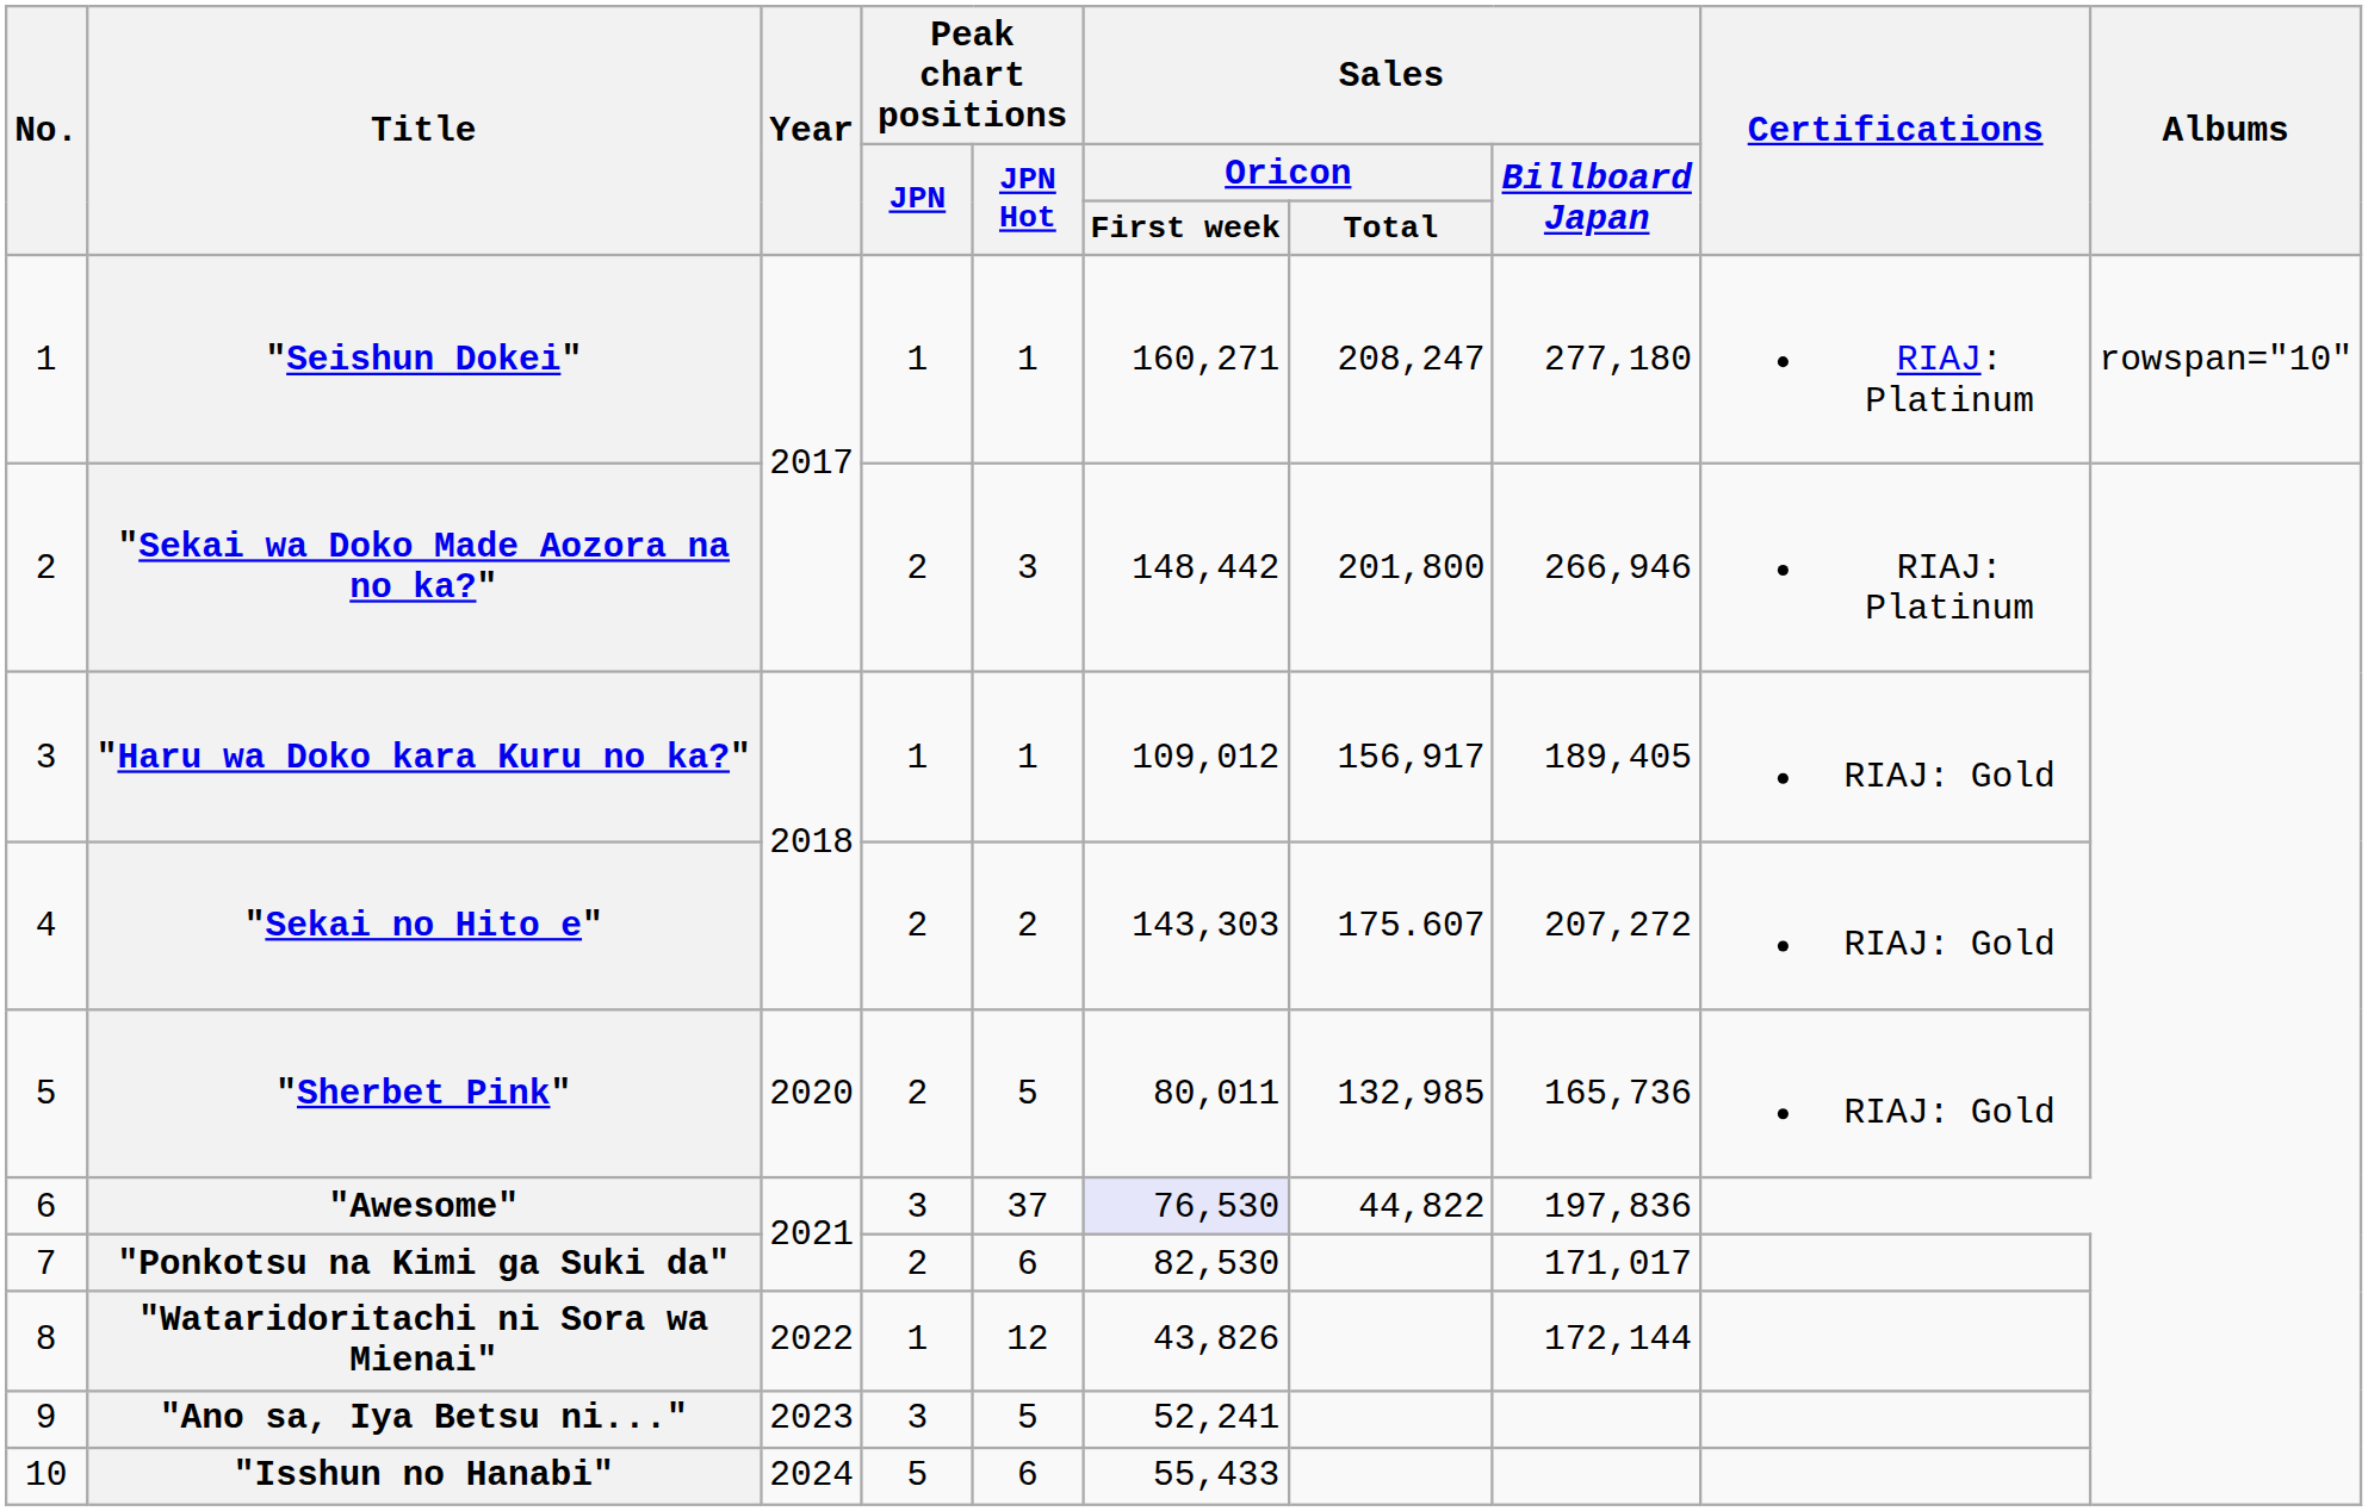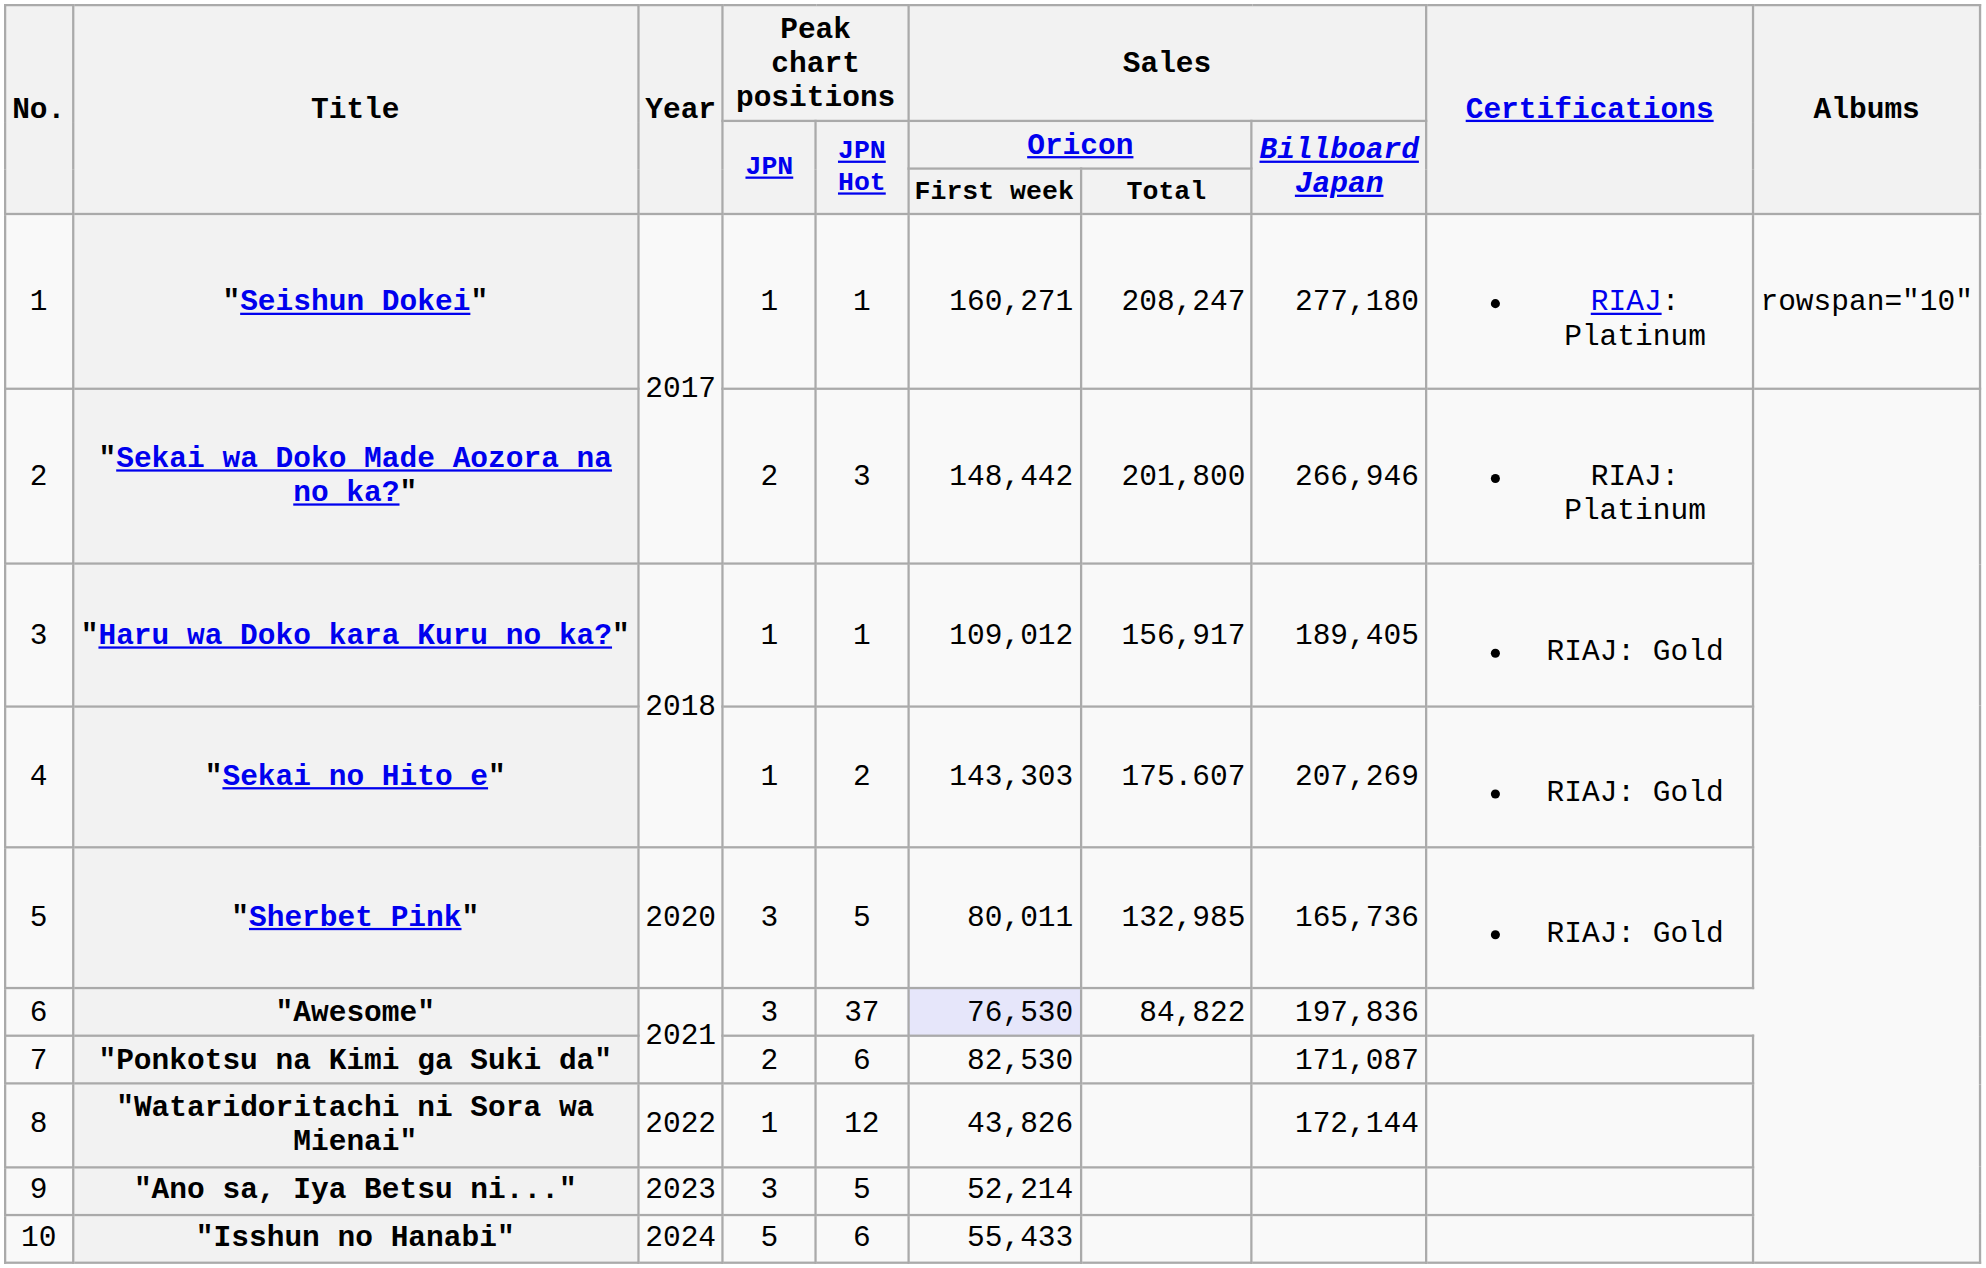 <table class="wikitable plainrowheaders" style="text-align:center;">
 <tr>
 <th scope="col" rowspan="3">No.</th>
 <th scope="col" rowspan="3">Title</th>
 <th scope="col" rowspan="3">Year</th>
 <th scope="col" colspan="2">Peak chart positions</th>
 <th scope="col" colspan="3">Sales</th>
 <th scope="col" rowspan="3"><a href='#'>Certifications</a></th>
 <th scope="col" rowspan="3">Albums</th>
 </tr>
 <tr>
 <th scope="col" rowspan="2" style="width:3em;font-size:90%;"><a href='#'>JPN</a><br></th>
 <th scope="col" rowspan="2" style="width:3em;font-size:90%;"><a href='#'>JPN<br>Hot</a><br></th>
 <th colspan="2"><a href='#'>Oricon</a></th>
 <th rowspan="2"><em><a href='#'>Billboard<br>Japan</a></em></th>
 </tr>
 <tr>
 <th style="width:6em;font-size:90%;">First week</th>
 <th style="width:6em;font-size:90%;">Total</th>
 </tr>
 <tr>
 <td>1</td>
 <th scope="row">"<a href='#'>Seishun Dokei</a>" </th>
 <td rowspan="2">2017</td>
 <td>1</td>
 <td>1</td>
 <td align="right">160,271</td>
 <td align="right">208,247</td>
 <td align="right">277,180</td>
 <td><br><ul><li><a href='#'>RIAJ</a>: Platinum</li></ul></td>
 <td>rowspan="10" </td>
 </tr>
 <tr>
 <td>2</td>
 <th scope="row">"<a href='#'>Sekai wa Doko Made Aozora na no ka?</a>" </th>
 <td>2</td>
 <td>3</td>
 <td align="right">148,442</td>
 <td align="right">201,800</td>
 <td align="right">266,946</td>
 <td><br><ul><li>RIAJ: Platinum</li></ul></td>
 </tr>
 <tr>
 <td>3</td>
 <th scope="row">"<a href='#'>Haru wa Doko kara Kuru no ka?</a>" </th>
 <td rowspan="2">2018</td>
 <td>1</td>
 <td>1</td>
 <td align="right">109,012</td>
 <td align="right">156,917</td>
 <td align="right">189,405</td>
 <td><br><ul><li>RIAJ: Gold</li></ul></td>
 </tr>
 <tr>
 <td>4</td>
 <th scope="row">"<a href='#'>Sekai no Hito e</a>" </th>
-<td>2</td>
+<td>1</td>
 <td>2</td>
 <td align="right">143,303</td>
 <td align="right">175.607</td>
-<td align="right">207,272</td>
+<td align="right">207,269</td>
 <td><br><ul><li>RIAJ: Gold</li></ul></td>
 </tr>
 <tr>
 <td>5</td>
 <th scope="row">"<a href='#'>Sherbet Pink</a>" </th>
 <td>2020</td>
-<td>2</td>
+<td>3</td>
 <td>5</td>
 <td align="right">80,011</td>
 <td align="right">132,985</td>
 <td align="right">165,736</td>
 <td><br><ul><li>RIAJ: Gold</li></ul></td>
 </tr>
 <tr>
 <td>6</td>
 <th scope="row">"Awesome"</th>
 <td rowspan="2">2021</td>
 <td>3</td>
 <td>37</td>
 <td align="right" style="background: lavender;">76,530</td>
-<td align="right">44,822</td>
+<td align="right">84,822</td>
 <td align="right">197,836</td>
 </tr>
 <tr>
 <td>7</td>
 <th scope="row">"Ponkotsu na Kimi ga Suki da" </th>
 <td>2</td>
 <td>6</td>
 <td align="right">82,530</td>
 <td align="right"></td>
-<td align="right">171,017</td>
+<td align="right">171,087</td>
 <td></td>
 </tr>
 <tr>
 <td>8</td>
 <th scope="row">"Wataridoritachi ni Sora wa Mienai" </th>
 <td>2022</td>
 <td>1</td>
 <td>12</td>
 <td align="right">43,826</td>
 <td align="right"></td>
 <td align="right">172,144</td>
 <td></td>
 </tr>
 <tr>
 <td>9</td>
 <th scope="row">"Ano sa, Iya Betsu ni..." </th>
 <td>2023</td>
 <td>3</td>
 <td>5</td>
-<td align="right">52,241</td>
+<td align="right">52,214</td>
 <td align="right"></td>
 <td align="right"></td>
 <td></td>
 </tr>
 <tr>
 <td>10</td>
 <th scope="row">"Isshun no Hanabi" </th>
 <td>2024</td>
 <td>5</td>
 <td>6</td>
 <td align="right">55,433</td>
 <td align="right"></td>
 <td align="right"></td>
 <td></td>
 </tr>
 </table>
